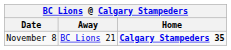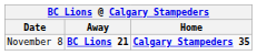 <table class="wikitable">
 <tr>
 <th colspan="3"><a href='#'>BC Lions</a> @ <a href='#'>Calgary Stampeders</a></th>
 </tr>
 <tr>
 <th>Date</th>
 <th>Away</th>
 <th>Home</th>
 </tr>
 <tr>
 <td>November 8</td>
-<td><a href='#'>BC Lions</a> 21</td>
+<td><strong><a href='#'>BC Lions</a> 21</strong></td>
 <td><strong><a href='#'>Calgary Stampeders</a> 35</strong></td>
 </tr>
 </table>
